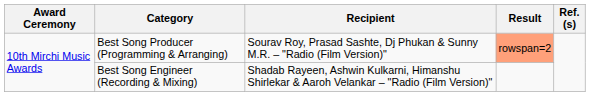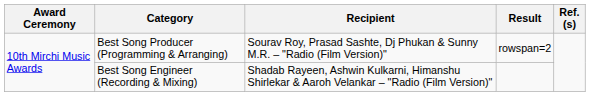 <table class="wikitable">
 <tr>
 <th>Award Ceremony</th>
 <th>Category</th>
 <th>Recipient</th>
 <th>Result</th>
 <th>Ref.(s)</th>
 </tr>
 <tr>
 <td rowspan=2><a href='#'>10th Mirchi Music Awards</a></td>
 <td>Best Song Producer (Programming & Arranging)</td>
 <td>Sourav Roy, Prasad Sashte, Dj Phukan & Sunny M.R. – "Radio (Film Version)"</td>
-<td style="background: lightsalmon;">rowspan=2 </td>
+<td>rowspan=2 </td>
 <td rowspan=2></td>
 </tr>
 <tr>
 <td>Best Song Engineer (Recording & Mixing)</td>
 <td>Shadab Rayeen, Ashwin Kulkarni, Himanshu Shirlekar & Aaroh Velankar – "Radio (Film Version)"</td>
 </tr>
 </table>
